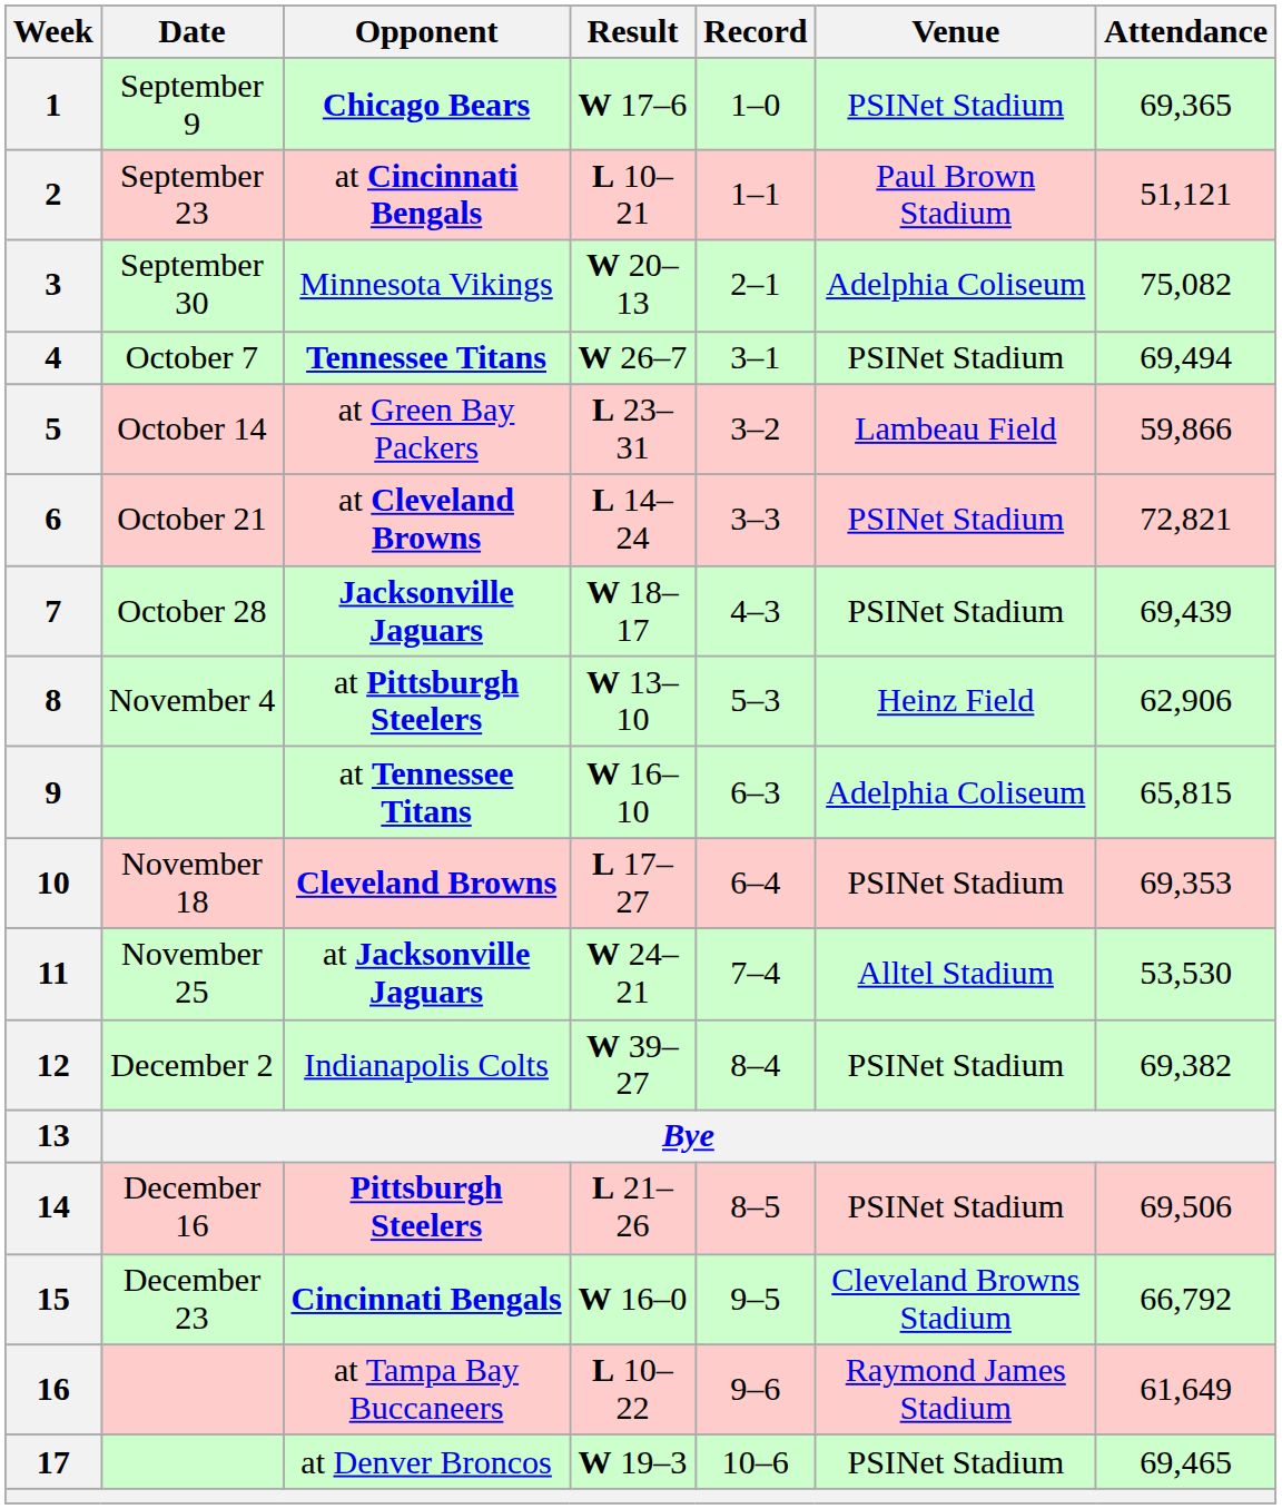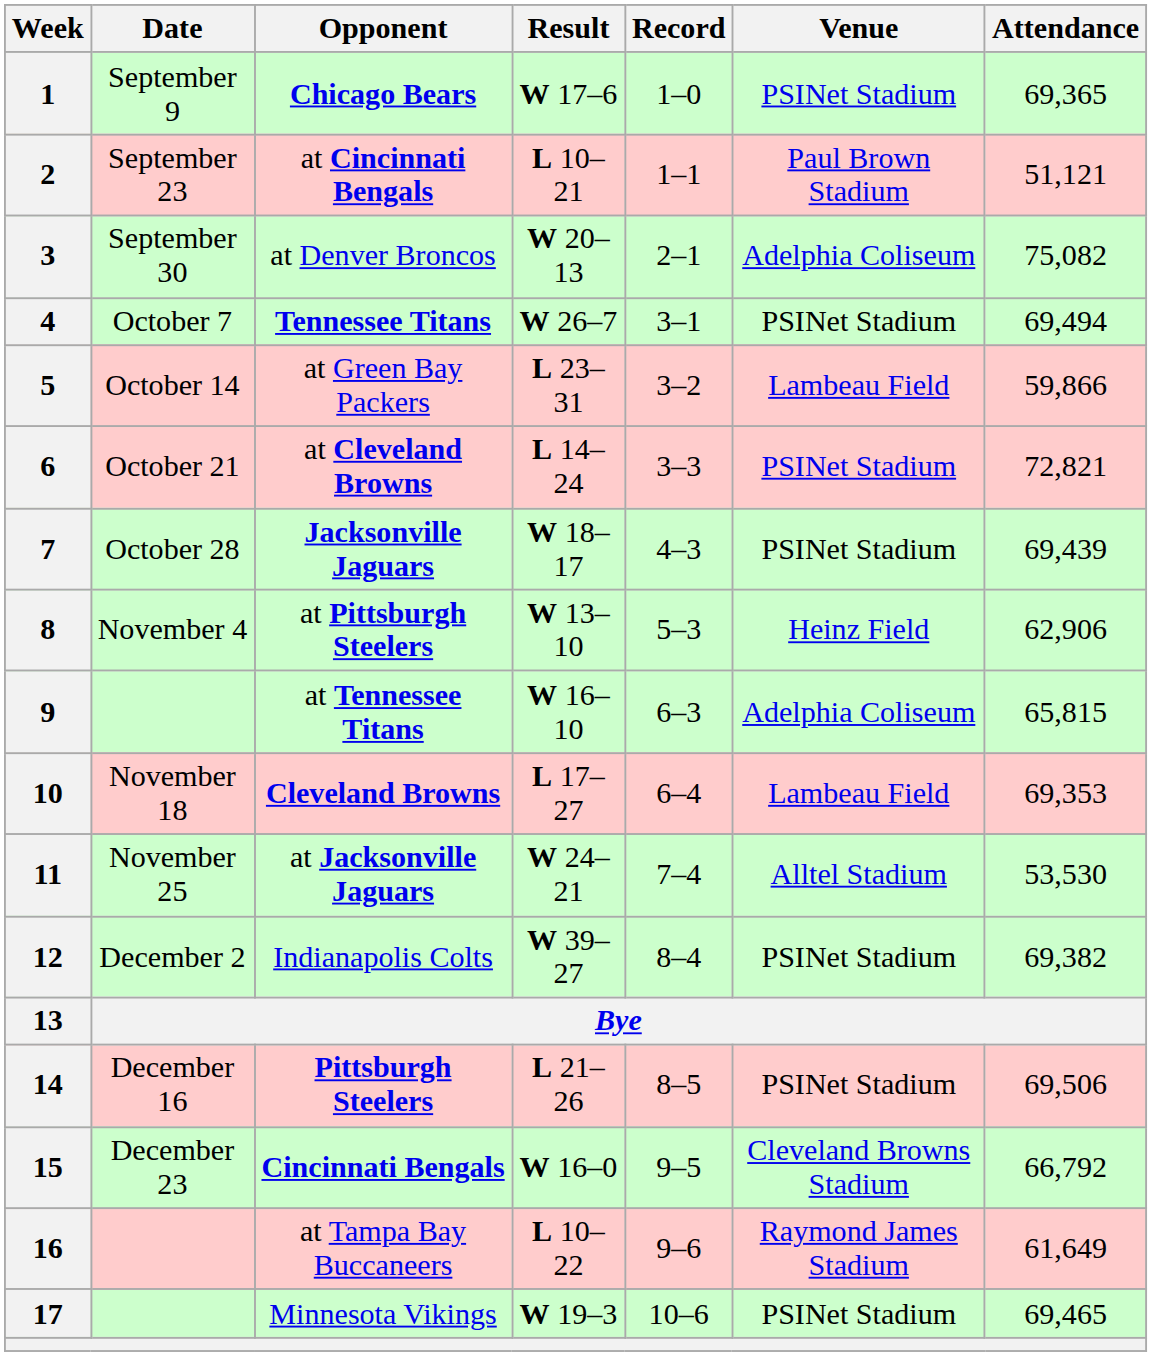 <table class="wikitable" style="text-align: center;">
 <tr>
 <th>Week</th>
 <th>Date</th>
 <th>Opponent</th>
 <th>Result</th>
 <th>Record</th>
 <th>Venue</th>
 <th>Attendance</th>
 </tr>
 <tr style="background: #cfc;">
 <th>1</th>
 <td>September 9</td>
 <td><strong><a href='#'>Chicago Bears</a></strong></td>
 <td><strong>W</strong> 17–6</td>
 <td>1–0</td>
 <td><a href='#'>PSINet Stadium</a></td>
 <td>69,365</td>
 </tr>
 <tr style="background: #fcc;">
 <th>2</th>
 <td>September 23</td>
 <td>at <strong><a href='#'>Cincinnati Bengals</a></strong></td>
 <td><strong>L</strong> 10–21</td>
 <td>1–1</td>
 <td><a href='#'>Paul Brown Stadium</a></td>
 <td>51,121</td>
 </tr>
 <tr style="background: #cfc;">
 <th>3</th>
 <td>September 30</td>
-<td><a href='#'>Minnesota Vikings</a></td>
+<td>at <a href='#'>Denver Broncos</a></td>
 <td><strong>W</strong> 20–13</td>
 <td>2–1</td>
 <td><a href='#'>Adelphia Coliseum</a></td>
 <td>75,082</td>
 </tr>
 <tr style="background: #cfc;">
 <th>4</th>
 <td>October 7</td>
 <td><strong><a href='#'>Tennessee Titans</a></strong></td>
 <td><strong>W</strong> 26–7</td>
 <td>3–1</td>
 <td>PSINet Stadium</td>
 <td>69,494</td>
 </tr>
 <tr style="background: #fcc;">
 <th>5</th>
 <td>October 14</td>
 <td>at <a href='#'>Green Bay Packers</a></td>
 <td><strong>L</strong> 23–31</td>
 <td>3–2</td>
 <td><a href='#'>Lambeau Field</a></td>
 <td>59,866</td>
 </tr>
 <tr style="background: #fcc;">
 <th>6</th>
 <td>October 21</td>
 <td>at <strong><a href='#'>Cleveland Browns</a></strong></td>
 <td><strong>L</strong> 14–24</td>
 <td>3–3</td>
 <td><a href='#'>PSINet Stadium</a></td>
 <td>72,821</td>
 </tr>
 <tr style="background: #cfc;">
 <th>7</th>
 <td>October 28</td>
 <td><strong><a href='#'>Jacksonville Jaguars</a></strong></td>
 <td><strong>W</strong> 18–17</td>
 <td>4–3</td>
 <td>PSINet Stadium</td>
 <td>69,439</td>
 </tr>
 <tr style="background: #cfc;">
 <th>8</th>
 <td>November 4</td>
 <td>at <strong><a href='#'>Pittsburgh Steelers</a></strong></td>
 <td><strong>W</strong> 13–10</td>
 <td>5–3</td>
 <td><a href='#'>Heinz Field</a></td>
 <td>62,906</td>
 </tr>
 <tr style="background: #cfc;">
 <th>9</th>
 <td></td>
 <td>at <strong><a href='#'>Tennessee Titans</a></strong></td>
 <td><strong>W</strong> 16–10</td>
 <td>6–3</td>
 <td><a href='#'>Adelphia Coliseum</a></td>
 <td>65,815</td>
 </tr>
 <tr style="background: #fcc;">
 <th>10</th>
 <td>November 18</td>
 <td><strong><a href='#'>Cleveland Browns</a></strong></td>
 <td><strong>L</strong> 17–27</td>
 <td>6–4</td>
-<td>PSINet Stadium</td>
+<td><a href='#'>Lambeau Field</a></td>
 <td>69,353</td>
 </tr>
 <tr style="background: #cfc;">
 <th>11</th>
 <td>November 25</td>
 <td>at <strong><a href='#'>Jacksonville Jaguars</a></strong></td>
 <td><strong>W</strong> 24–21</td>
 <td>7–4</td>
 <td><a href='#'>Alltel Stadium</a></td>
 <td>53,530</td>
 </tr>
 <tr style="background: #cfc;">
 <th>12</th>
 <td>December 2</td>
 <td><a href='#'>Indianapolis Colts</a></td>
 <td><strong>W</strong> 39–27</td>
 <td>8–4</td>
 <td>PSINet Stadium</td>
 <td>69,382</td>
 </tr>
 <tr>
 <th>13</th>
 <th colspan="6" align="center"><em><a href='#'>Bye</a></em></th>
 </tr>
 <tr style="background: #fcc;">
 <th>14</th>
 <td>December 16</td>
 <td><strong><a href='#'>Pittsburgh Steelers</a></strong></td>
 <td><strong>L</strong> 21–26</td>
 <td>8–5</td>
 <td>PSINet Stadium</td>
 <td>69,506</td>
 </tr>
 <tr style="background: #cfc;">
 <th>15</th>
 <td>December 23</td>
 <td><strong><a href='#'>Cincinnati Bengals</a></strong></td>
 <td><strong>W</strong> 16–0</td>
 <td>9–5</td>
 <td><a href='#'>Cleveland Browns Stadium</a></td>
 <td>66,792</td>
 </tr>
 <tr style="background: #fcc;">
 <th>16</th>
 <td></td>
 <td>at <a href='#'>Tampa Bay Buccaneers</a></td>
 <td><strong>L</strong> 10–22</td>
 <td>9–6</td>
 <td><a href='#'>Raymond James Stadium</a></td>
 <td>61,649</td>
 </tr>
 <tr style="background: #cfc;">
 <th>17</th>
 <td></td>
-<td>at <a href='#'>Denver Broncos</a></td>
+<td><a href='#'>Minnesota Vikings</a></td>
 <td><strong>W</strong> 19–3</td>
 <td>10–6</td>
 <td>PSINet Stadium</td>
 <td>69,465</td>
 </tr>
 <tr>
 <th colspan="7"></th>
 </tr>
 </table>
